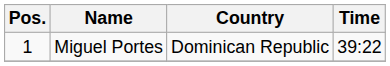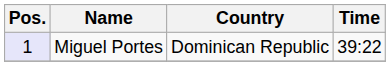 <table class="wikitable sortable">
 <tr>
 <th>Pos.</th>
 <th>Name</th>
 <th>Country</th>
 <th>Time</th>
 </tr>
 <tr>
-<td align="center">1</td>
+<td align="center" style="background: lavender;">1</td>
 <td>Miguel Portes</td>
 <td>Dominican Republic</td>
 <td align="right">39:22</td>
 </tr>
 <tr>
 </tr>
 </table>
